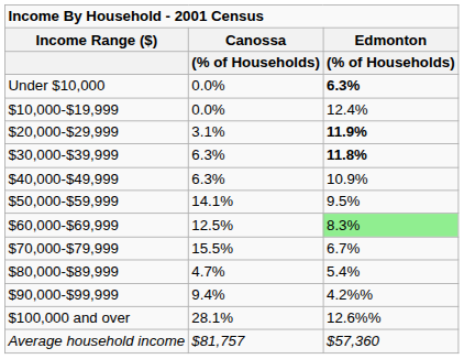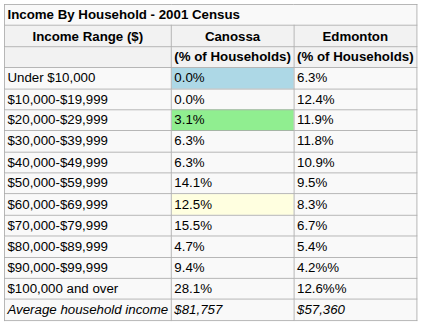 <table class="wikitable">
 <tr>
 <td colspan="3"><strong>Income By Household - 2001 Census</strong></td>
 </tr>
 <tr>
 <th>Income Range ($)</th>
 <th>Canossa</th>
 <th>Edmonton</th>
 </tr>
 <tr>
 <th></th>
 <th>(% of Households)</th>
 <th>(% of Households)</th>
 </tr>
 <tr>
 <td>Under $10,000</td>
-<td>0.0%</td>
-<td><strong>6.3%</strong></td>
+<td style="background: lightblue;">0.0%</td>
+<td>6.3%</td>
 </tr>
 <tr>
 <td>$10,000-$19,999</td>
 <td>0.0%</td>
 <td>12.4%</td>
 </tr>
 <tr>
 <td>$20,000-$29,999</td>
-<td>3.1%</td>
-<td><strong>11.9%</strong></td>
+<td style="background: lightgreen;">3.1%</td>
+<td>11.9%</td>
 </tr>
 <tr>
 <td>$30,000-$39,999</td>
 <td>6.3%</td>
-<td><strong>11.8%</strong></td>
+<td>11.8%</td>
 </tr>
 <tr>
 <td>$40,000-$49,999</td>
 <td>6.3%</td>
 <td>10.9%</td>
 </tr>
 <tr>
 <td>$50,000-$59,999</td>
 <td>14.1%</td>
 <td>9.5%</td>
 </tr>
 <tr>
 <td>$60,000-$69,999</td>
-<td>12.5%</td>
-<td style="background: lightgreen;">8.3%</td>
+<td style="background: lightyellow;">12.5%</td>
+<td>8.3%</td>
 </tr>
 <tr>
 <td>$70,000-$79,999</td>
 <td>15.5%</td>
 <td>6.7%</td>
 </tr>
 <tr>
 <td>$80,000-$89,999</td>
 <td>4.7%</td>
 <td>5.4%</td>
 </tr>
 <tr>
 <td>$90,000-$99,999</td>
 <td>9.4%</td>
 <td>4.2%%</td>
 </tr>
 <tr>
 <td>$100,000 and over</td>
 <td>28.1%</td>
 <td>12.6%%</td>
 </tr>
 <tr>
 <td><em>Average household income</em></td>
 <td><em>$81,757</em></td>
 <td><em>$57,360</em></td>
 </tr>
 </table>
